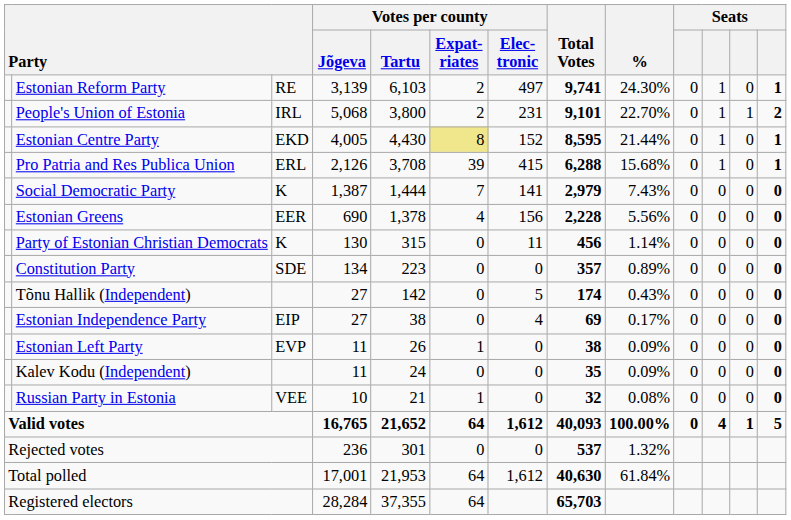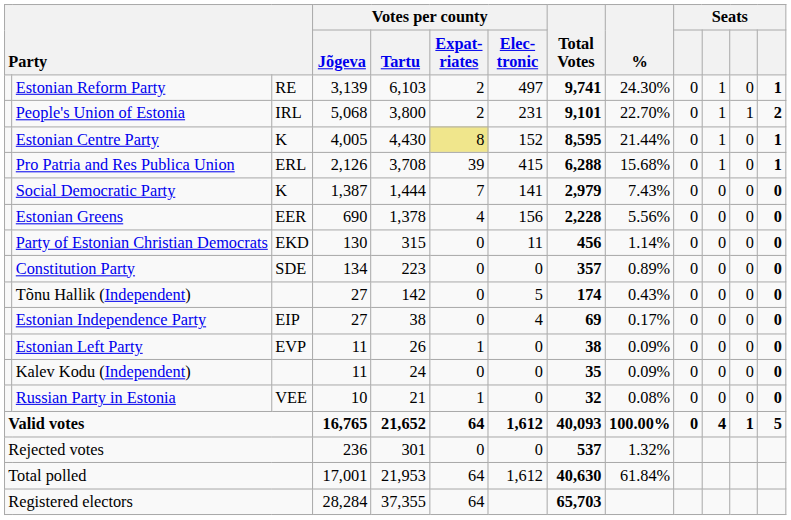 <table class="wikitable" border="1" style="text-align:right;">
 <tr>
 <th style="text-align:left;" valign=bottom rowspan=2 colspan=3>Party</th>
 <th colspan=4>Votes per county</th>
 <th align=center valign=bottom rowspan=2 width="50">Total Votes</th>
 <th align=center valign=bottom rowspan=2 width="50">%</th>
 <th colspan=4>Seats</th>
 </tr>
 <tr>
 <th align=center valign=bottom width="50"><a href='#'>Jõgeva</a></th>
 <th align=center valign=bottom width="50"><a href='#'>Tartu</a></th>
 <th align=center valign=bottom width="50"><a href='#'>Expat- riates</a></th>
 <th align=center valign=bottom width="50"><a href='#'>Elec- tronic</a></th>
 <th align=center valign=bottom width="20"><small></small></th>
 <th align=center valign=bottom width="20"><small></small></th>
 <th align=center valign=bottom width="20"><small></small></th>
 <th align=center valign=bottom width="20"><small></small></th>
 </tr>
 <tr>
 <td style="background:"></td>
 <td align=left><a href='#'>Estonian Reform Party</a></td>
 <td align=left>RE</td>
 <td>3,139</td>
 <td>6,103</td>
 <td>2</td>
 <td>497</td>
 <td><strong>9,741</strong></td>
 <td>24.30%</td>
 <td>0</td>
 <td>1</td>
 <td>0</td>
 <td><strong>1</strong></td>
 </tr>
 <tr>
 <td style="background:"></td>
 <td align=left><a href='#'>People's Union of Estonia</a></td>
 <td align=left>IRL</td>
 <td>5,068</td>
 <td>3,800</td>
 <td>2</td>
 <td>231</td>
 <td><strong>9,101</strong></td>
 <td>22.70%</td>
 <td>0</td>
 <td>1</td>
 <td>1</td>
 <td><strong>2</strong></td>
 </tr>
 <tr>
 <td style="background:"></td>
 <td align=left><a href='#'>Estonian Centre Party</a></td>
-<td align=left>EKD</td>
+<td align=left>K</td>
 <td>4,005</td>
 <td>4,430</td>
 <td style="background: khaki;">8</td>
 <td>152</td>
 <td><strong>8,595</strong></td>
 <td>21.44%</td>
 <td>0</td>
 <td>1</td>
 <td>0</td>
 <td><strong>1</strong></td>
 </tr>
 <tr>
 <td style="background:"></td>
 <td align=left><a href='#'>Pro Patria and Res Publica Union</a></td>
 <td align=left>ERL</td>
 <td>2,126</td>
 <td>3,708</td>
 <td>39</td>
 <td>415</td>
 <td><strong>6,288</strong></td>
 <td>15.68%</td>
 <td>0</td>
 <td>1</td>
 <td>0</td>
 <td><strong>1</strong></td>
 </tr>
 <tr>
 <td style="background:"></td>
 <td align=left><a href='#'>Social Democratic Party</a></td>
 <td align=left>K</td>
 <td>1,387</td>
 <td>1,444</td>
 <td>7</td>
 <td>141</td>
 <td><strong>2,979</strong></td>
 <td>7.43%</td>
 <td>0</td>
 <td>0</td>
 <td>0</td>
 <td><strong>0</strong></td>
 </tr>
 <tr>
 <td style="background:"></td>
 <td align=left><a href='#'>Estonian Greens</a></td>
 <td align=left>EER</td>
 <td>690</td>
 <td>1,378</td>
 <td>4</td>
 <td>156</td>
 <td><strong>2,228</strong></td>
 <td>5.56%</td>
 <td>0</td>
 <td>0</td>
 <td>0</td>
 <td><strong>0</strong></td>
 </tr>
 <tr>
 <td style="background:"></td>
 <td align=left><a href='#'>Party of Estonian Christian Democrats</a></td>
-<td align=left>K</td>
+<td align=left>EKD</td>
 <td>130</td>
 <td>315</td>
 <td>0</td>
 <td>11</td>
 <td><strong>456</strong></td>
 <td>1.14%</td>
 <td>0</td>
 <td>0</td>
 <td>0</td>
 <td><strong>0</strong></td>
 </tr>
 <tr>
 <td style="background:"></td>
 <td align=left><a href='#'>Constitution Party</a></td>
 <td align=left>SDE</td>
 <td>134</td>
 <td>223</td>
 <td>0</td>
 <td>0</td>
 <td><strong>357</strong></td>
 <td>0.89%</td>
 <td>0</td>
 <td>0</td>
 <td>0</td>
 <td><strong>0</strong></td>
 </tr>
 <tr>
 <td style="background:"></td>
 <td align=left>Tõnu Hallik (<a href='#'>Independent</a>)</td>
 <td></td>
 <td>27</td>
 <td>142</td>
 <td>0</td>
 <td>5</td>
 <td><strong>174</strong></td>
 <td>0.43%</td>
 <td>0</td>
 <td>0</td>
 <td>0</td>
 <td><strong>0</strong></td>
 </tr>
 <tr>
 <td style="background:"></td>
 <td align=left><a href='#'>Estonian Independence Party</a></td>
 <td align=left>EIP</td>
 <td>27</td>
 <td>38</td>
 <td>0</td>
 <td>4</td>
 <td><strong>69</strong></td>
 <td>0.17%</td>
 <td>0</td>
 <td>0</td>
 <td>0</td>
 <td><strong>0</strong></td>
 </tr>
 <tr>
 <td style="background:"></td>
 <td align=left><a href='#'>Estonian Left Party</a></td>
 <td align=left>EVP</td>
 <td>11</td>
 <td>26</td>
 <td>1</td>
 <td>0</td>
 <td><strong>38</strong></td>
 <td>0.09%</td>
 <td>0</td>
 <td>0</td>
 <td>0</td>
 <td><strong>0</strong></td>
 </tr>
 <tr>
 <td style="background:"></td>
 <td align=left>Kalev Kodu (<a href='#'>Independent</a>)</td>
 <td></td>
 <td>11</td>
 <td>24</td>
 <td>0</td>
 <td>0</td>
 <td><strong>35</strong></td>
 <td>0.09%</td>
 <td>0</td>
 <td>0</td>
 <td>0</td>
 <td><strong>0</strong></td>
 </tr>
 <tr>
 <td></td>
 <td align=left><a href='#'>Russian Party in Estonia</a></td>
 <td align=left>VEE</td>
 <td>10</td>
 <td>21</td>
 <td>1</td>
 <td>0</td>
 <td><strong>32</strong></td>
 <td>0.08%</td>
 <td>0</td>
 <td>0</td>
 <td>0</td>
 <td><strong>0</strong></td>
 </tr>
 <tr style="font-weight:bold">
 <td align=left colspan=3>Valid votes</td>
 <td>16,765</td>
 <td>21,652</td>
 <td>64</td>
 <td>1,612</td>
 <td>40,093</td>
 <td>100.00%</td>
 <td>0</td>
 <td>4</td>
 <td>1</td>
 <td>5</td>
 </tr>
 <tr>
 <td align=left colspan=3>Rejected votes</td>
 <td>236</td>
 <td>301</td>
 <td>0</td>
 <td>0</td>
 <td><strong>537</strong></td>
 <td>1.32%</td>
 <td></td>
 <td></td>
 <td></td>
 <td></td>
 </tr>
 <tr>
 <td align=left colspan=3>Total polled</td>
 <td>17,001</td>
 <td>21,953</td>
 <td>64</td>
 <td>1,612</td>
 <td><strong>40,630</strong></td>
 <td>61.84%</td>
 <td></td>
 <td></td>
 <td></td>
 <td></td>
 </tr>
 <tr>
 <td align=left colspan=3>Registered electors</td>
 <td>28,284</td>
 <td>37,355</td>
 <td>64</td>
 <td></td>
 <td><strong>65,703</strong></td>
 <td></td>
 <td></td>
 <td></td>
 <td></td>
 <td></td>
 </tr>
 </table>
